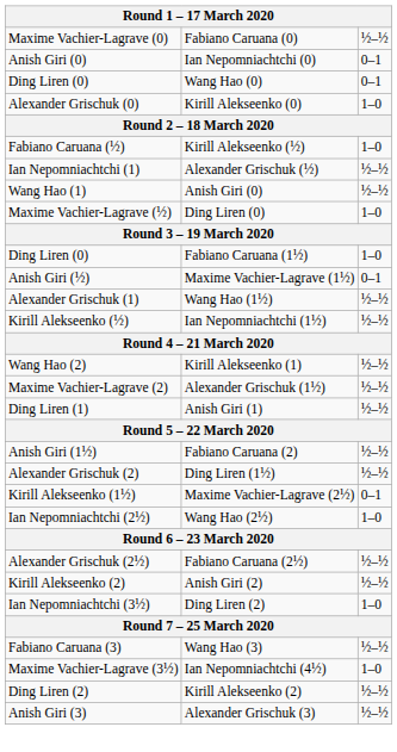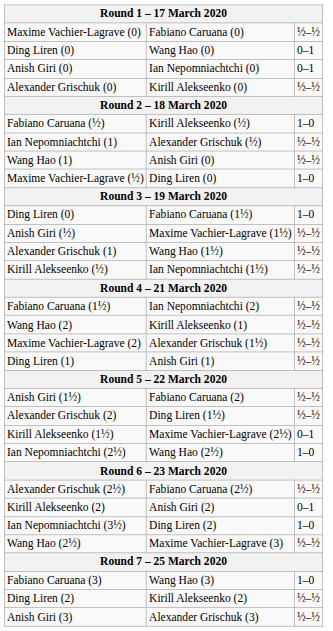 <table class="wikitable" style="display:inline-table">
 <tr>
 <th colspan=3>Round 1 – 17 March 2020</th>
 </tr>
 <tr>
 <td>Maxime Vachier-Lagrave (0)</td>
 <td>Fabiano Caruana (0)</td>
 <td>½–½</td>
 </tr>
 <tr>
+<td>Ding Liren (0)</td>
+<td>Wang Hao (0)</td>
+<td>0–1</td>
+</tr>
+<tr>
 <td>Anish Giri (0)</td>
 <td>Ian Nepomniachtchi (0)</td>
 <td>0–1</td>
 </tr>
 <tr>
-<td>Ding Liren (0)</td>
-<td>Wang Hao (0)</td>
-<td>0–1</td>
-</tr>
-<tr>
 <td>Alexander Grischuk (0)</td>
 <td>Kirill Alekseenko (0)</td>
-<td>1–0</td>
+<td>½–½</td>
 </tr>
 <tr>
 <th colspan=3>Round 2 – 18 March 2020</th>
 </tr>
 <tr>
 <td>Fabiano Caruana (½)</td>
 <td>Kirill Alekseenko (½)</td>
 <td>1–0</td>
 </tr>
 <tr>
 <td>Ian Nepomniachtchi (1)</td>
 <td>Alexander Grischuk (½)</td>
 <td>½–½</td>
 </tr>
 <tr>
 <td>Wang Hao (1)</td>
 <td>Anish Giri (0)</td>
 <td>½–½</td>
 </tr>
 <tr>
 <td>Maxime Vachier-Lagrave (½)</td>
 <td>Ding Liren (0)</td>
 <td>1–0</td>
 </tr>
 <tr>
 <th colspan=3>Round 3 – 19 March 2020</th>
 </tr>
 <tr>
 <td>Ding Liren (0)</td>
 <td>Fabiano Caruana (1½)</td>
 <td>1–0</td>
 </tr>
 <tr>
 <td>Anish Giri (½)</td>
 <td>Maxime Vachier-Lagrave (1½)</td>
-<td>0–1</td>
+<td>½–½</td>
 </tr>
 <tr>
 <td>Alexander Grischuk (1)</td>
 <td>Wang Hao (1½)</td>
 <td>½–½</td>
 </tr>
 <tr>
 <td>Kirill Alekseenko (½)</td>
 <td>Ian Nepomniachtchi (1½)</td>
 <td>½–½</td>
 </tr>
 <tr>
 <th colspan=3>Round 4 – 21 March 2020</th>
+</tr>
+<tr>
+<td>Fabiano Caruana (1½)</td>
+<td>Ian Nepomniachtchi (2)</td>
+<td>½–½</td>
 </tr>
 <tr>
 <td>Wang Hao (2)</td>
 <td>Kirill Alekseenko (1)</td>
 <td>½–½</td>
 </tr>
 <tr>
 <td>Maxime Vachier-Lagrave (2)</td>
 <td>Alexander Grischuk (1½)</td>
 <td>½–½</td>
 </tr>
 <tr>
 <td>Ding Liren (1)</td>
 <td>Anish Giri (1)</td>
 <td>½–½</td>
 </tr>
 <tr>
 <th colspan=3>Round 5 – 22 March 2020</th>
 </tr>
 <tr>
 <td>Anish Giri (1½)</td>
 <td>Fabiano Caruana (2)</td>
 <td>½–½</td>
 </tr>
 <tr>
 <td>Alexander Grischuk (2)</td>
 <td>Ding Liren (1½)</td>
 <td>½–½</td>
 </tr>
 <tr>
 <td>Kirill Alekseenko (1½)</td>
 <td>Maxime Vachier-Lagrave (2½)</td>
 <td>0–1</td>
 </tr>
 <tr>
 <td>Ian Nepomniachtchi (2½)</td>
 <td>Wang Hao (2½)</td>
 <td>1–0</td>
 </tr>
 <tr>
 <th colspan=3>Round 6 – 23 March 2020</th>
 </tr>
 <tr>
 <td>Alexander Grischuk (2½)</td>
 <td>Fabiano Caruana (2½)</td>
 <td>½–½</td>
 </tr>
 <tr>
 <td>Kirill Alekseenko (2)</td>
 <td>Anish Giri (2)</td>
-<td>½–½</td>
+<td>0–1</td>
 </tr>
 <tr>
 <td>Ian Nepomniachtchi (3½)</td>
 <td>Ding Liren (2)</td>
 <td>1–0</td>
 </tr>
 <tr>
+<td>Wang Hao (2½)</td>
+<td>Maxime Vachier-Lagrave (3)</td>
+<td>½–½</td>
+</tr>
+<tr>
 <th colspan=3>Round 7 – 25 March 2020</th>
 </tr>
 <tr>
 <td>Fabiano Caruana (3)</td>
 <td>Wang Hao (3)</td>
-<td>½–½</td>
-</tr>
-<tr>
-<td>Maxime Vachier-Lagrave (3½)</td>
-<td>Ian Nepomniachtchi (4½)</td>
 <td>1–0</td>
 </tr>
 <tr>
 <td>Ding Liren (2)</td>
 <td>Kirill Alekseenko (2)</td>
 <td>½–½</td>
 </tr>
 <tr>
 <td>Anish Giri (3)</td>
 <td>Alexander Grischuk (3)</td>
 <td>½–½</td>
 </tr>
 </table>
